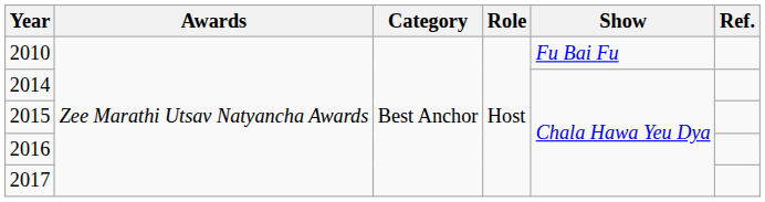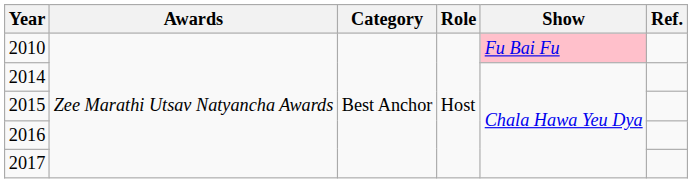 <table class="wikitable sortable">
 <tr>
 <th>Year</th>
 <th>Awards</th>
 <th>Category</th>
 <th>Role</th>
 <th>Show</th>
 <th>Ref.</th>
 </tr>
 <tr>
 <td>2010</td>
 <td rowspan="5"><em>Zee Marathi Utsav Natyancha Awards</em></td>
 <td rowspan="5">Best Anchor</td>
 <td rowspan="5">Host</td>
-<td><em><a href='#'>Fu Bai Fu</a></em></td>
+<td style="background: pink;"><em><a href='#'>Fu Bai Fu</a></em></td>
 <td></td>
 </tr>
 <tr>
 <td>2014</td>
 <td rowspan="4"><em><a href='#'>Chala Hawa Yeu Dya</a></em></td>
 <td></td>
 </tr>
 <tr>
 <td>2015</td>
 <td></td>
 </tr>
 <tr>
 <td>2016</td>
 <td></td>
 </tr>
 <tr>
 <td>2017</td>
 <td></td>
 </tr>
 </table>
